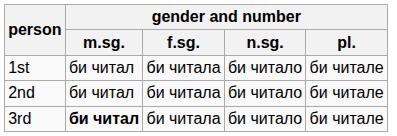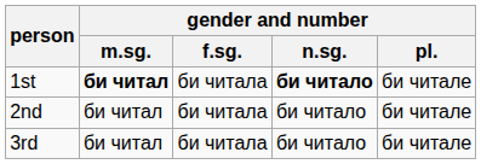 <table class="wikitable">
 <tr>
 <th rowspan="2">person</th>
 <th colspan="4">gender and number</th>
 </tr>
 <tr>
 <th>m.sg.</th>
 <th>f.sg.</th>
 <th>n.sg.</th>
 <th>pl.</th>
 </tr>
 <tr>
 <td>1st</td>
-<td>би читал</td>
+<td><strong>би читал</strong></td>
 <td>би читала</td>
-<td>би читало</td>
+<td><strong>би читало</strong></td>
 <td>би читале</td>
 </tr>
 <tr>
 <td>2nd</td>
 <td>би читал</td>
 <td>би читала</td>
 <td>би читало</td>
 <td>би читале</td>
 </tr>
 <tr>
 <td>3rd</td>
-<td><strong>би читал</strong></td>
+<td>би читал</td>
 <td>би читала</td>
 <td>би читало</td>
 <td>би читале</td>
 </tr>
 </table>
